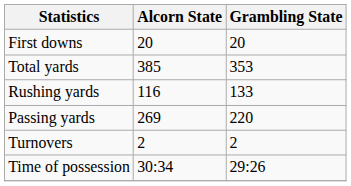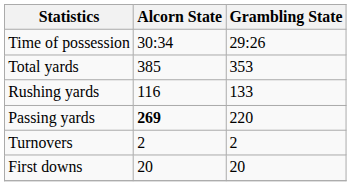 <table class="wikitable">
 <tr>
 <th>Statistics</th>
 <th>Alcorn State</th>
 <th>Grambling State</th>
 </tr>
 <tr>
-<td>First downs</td>
-<td>20</td>
-<td>20</td>
+<td>Time of possession</td>
+<td>30:34</td>
+<td>29:26</td>
 </tr>
 <tr>
 <td>Total yards</td>
 <td>385</td>
 <td>353</td>
 </tr>
 <tr>
 <td>Rushing yards</td>
 <td>116</td>
 <td>133</td>
 </tr>
 <tr>
 <td>Passing yards</td>
-<td>269</td>
+<td><strong>269</strong></td>
 <td>220</td>
 </tr>
 <tr>
 <td>Turnovers</td>
 <td>2</td>
 <td>2</td>
 </tr>
 <tr>
-<td>Time of possession</td>
-<td>30:34</td>
-<td>29:26</td>
+<td>First downs</td>
+<td>20</td>
+<td>20</td>
 </tr>
 <tr>
 </tr>
 </table>
